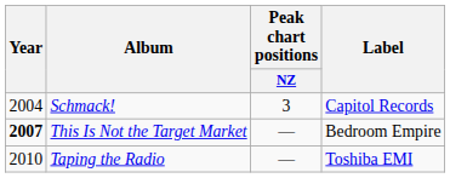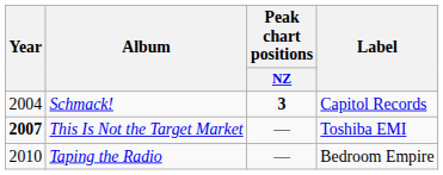 <table class="wikitable">
 <tr>
 <th rowspan="2">Year</th>
 <th rowspan="2">Album</th>
 <th colspan="1">Peak chart positions</th>
 <th rowspan="2">Label</th>
 </tr>
 <tr>
 <th scope="col" style="width:3em;font-size:85%"><a href='#'>NZ</a><br></th>
 </tr>
 <tr>
 <td>2004</td>
 <td><em><a href='#'>Schmack!</a></em></td>
-<td align="center">3</td>
+<td align="center"><strong>3</strong></td>
 <td><a href='#'>Capitol Records</a></td>
 </tr>
 <tr>
 <td><strong>2007</strong></td>
 <td><em><a href='#'>This Is Not the Target Market</a></em></td>
 <td align="center">—</td>
-<td>Bedroom Empire</td>
+<td><a href='#'>Toshiba EMI</a></td>
 </tr>
 <tr>
 <td>2010</td>
 <td><em><a href='#'>Taping the Radio</a></em></td>
 <td align="center">—</td>
-<td><a href='#'>Toshiba EMI</a></td>
+<td>Bedroom Empire</td>
 </tr>
 </table>
